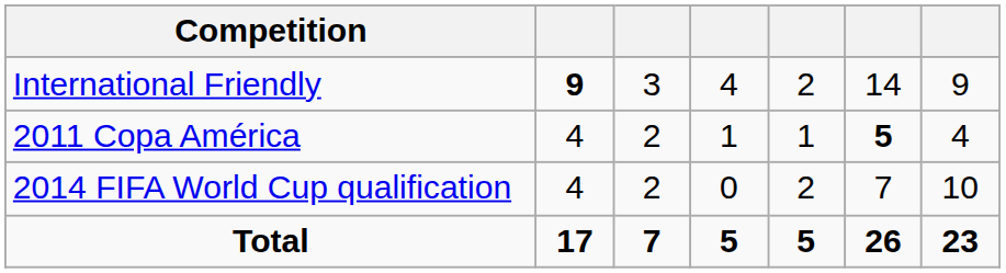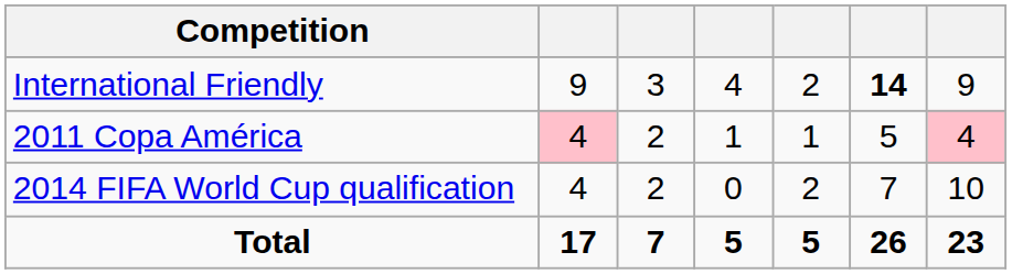 <table class="wikitable" style="text-align: center;">
 <tr>
 <th width=250>Competition</th>
 <th width=30></th>
 <th width=30></th>
 <th width=30></th>
 <th width=30></th>
 <th width=30></th>
 <th width=30></th>
 </tr>
 <tr>
 <td align=left><a href='#'>International Friendly</a></td>
-<td><strong>9</strong></td>
+<td>9</td>
 <td>3</td>
 <td>4</td>
 <td>2</td>
-<td>14</td>
+<td><strong>14</strong></td>
 <td>9</td>
 </tr>
 <tr>
 <td align=left><a href='#'>2011 Copa América</a></td>
-<td>4</td>
+<td style="background: pink;">4</td>
 <td>2</td>
 <td>1</td>
 <td>1</td>
-<td><strong>5</strong></td>
-<td>4</td>
+<td>5</td>
+<td style="background: pink;">4</td>
 </tr>
 <tr>
 <td align=left><a href='#'>2014 FIFA World Cup qualification</a></td>
 <td>4</td>
 <td>2</td>
 <td>0</td>
 <td>2</td>
 <td>7</td>
 <td>10</td>
 </tr>
 <tr>
 <td><strong>Total</strong></td>
 <td><strong>17</strong></td>
 <td><strong>7</strong></td>
 <td><strong>5</strong></td>
 <td><strong>5</strong></td>
 <td><strong>26</strong></td>
 <td><strong>23</strong></td>
 </tr>
 </table>
